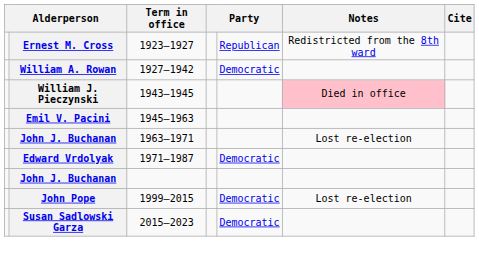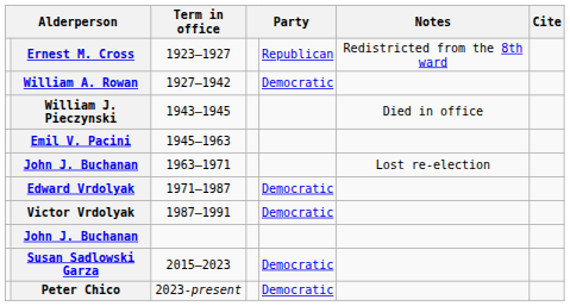 <table class="wikitable" style="text-align:center;">
 <tr>
 <th scope="col" colspan="2">Alderperson</th>
 <th scope="col">Term in office</th>
 <th scope="col"  colspan="2">Party</th>
 <th scope="col">Notes</th>
 <th scope="col">Cite</th>
 </tr>
 <tr style="height:2em;">
 <td></td>
 <th scope="row"><a href='#'>Ernest M. Cross</a></th>
 <td>1923–1927</td>
 <td> </td>
 <td><a href='#'>Republican</a></td>
 <td>Redistricted from the <a href='#'>8th ward</a></td>
 <td></td>
 </tr>
 <tr style="height:2em;">
 <td></td>
 <th scope="row"><a href='#'>William A. Rowan</a></th>
 <td>1927–1942</td>
 <td> </td>
 <td><a href='#'>Democratic</a></td>
 <td></td>
 <td></td>
 </tr>
 <tr style="height:2em;">
 <td></td>
 <th scope="row">William J. Pieczynski</th>
 <td>1943–1945</td>
 <td></td>
 <td></td>
-<td style="background: pink;">Died in office</td>
+<td>Died in office</td>
 <td></td>
 </tr>
 <tr style="height:2em;">
 <td></td>
 <th scope="row"><a href='#'>Emil V. Pacini</a></th>
 <td>1945–1963</td>
 <td></td>
 <td></td>
 <td></td>
 <td></td>
 </tr>
 <tr style="height:2em;">
 <td></td>
 <th scope="row"><a href='#'>John J. Buchanan</a></th>
 <td>1963–1971</td>
 <td></td>
 <td></td>
 <td>Lost re-election</td>
 <td></td>
 </tr>
 <tr style="height:2em;">
 <td></td>
 <th scope="row"><a href='#'>Edward Vrdolyak</a></th>
 <td>1971–1987</td>
 <td> </td>
 <td><a href='#'>Democratic</a></td>
 <td></td>
 <td></td>
 </tr>
 <tr style="height:2em;">
 <td></td>
+<th scope="row">Victor Vrdolyak</th>
+<td>1987–1991</td>
+<td> </td>
+<td><a href='#'>Democratic</a></td>
+<td></td>
+<td></td>
+</tr>
+<tr style="height:2em;">
+<td></td>
 <th scope="row"><a href='#'>John J. Buchanan</a></th>
 <td></td>
 <td></td>
 <td></td>
 <td></td>
-<td></td>
-</tr>
-<tr style="height:2em;">
-<td></td>
-<th scope="row"><a href='#'>John Pope</a></th>
-<td>1999–2015</td>
-<td> </td>
-<td><a href='#'>Democratic</a></td>
-<td>Lost re-election</td>
 <td></td>
 </tr>
 <tr style="height:2em;">
 <td></td>
 <th scope="row"><a href='#'>Susan Sadlowski Garza</a></th>
 <td>2015–2023</td>
 <td> </td>
 <td><a href='#'>Democratic</a></td>
 <td></td>
 <td></td>
 </tr>
+<tr>
+<td></td>
+<th>Peter Chico</th>
+<td>2023-<em>present</em></td>
+<td></td>
+<td><a href='#'>Democratic</a></td>
+<td></td>
+<td></td>
+</tr>
 </table>
